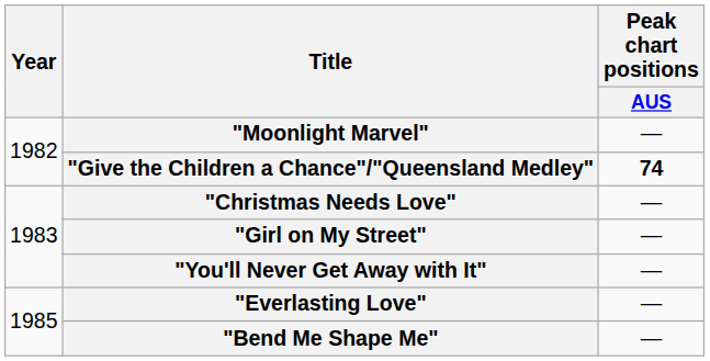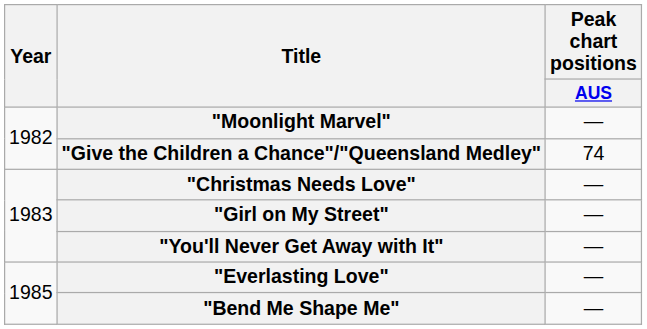 <table class="wikitable plainrowheaders" style="text-align:center;" border="1">
 <tr>
 <th scope="col" rowspan="2">Year</th>
 <th scope="col" rowspan="2">Title</th>
 <th scope="col" colspan="1">Peak chart positions</th>
 </tr>
 <tr>
 <th scope="col" style="width:3em; font-size:90%"><a href='#'>AUS</a><br></th>
 </tr>
 <tr>
 <td rowspan="2">1982</td>
 <th scope="row">"Moonlight Marvel"</th>
 <td>—</td>
 </tr>
 <tr>
 <th scope="row">"Give the Children a Chance"/"Queensland Medley"</th>
-<td><strong>74</strong></td>
+<td>74</td>
 </tr>
 <tr>
 <td rowspan="3">1983</td>
 <th scope="row">"Christmas Needs Love"</th>
 <td>—</td>
 </tr>
 <tr>
 <th scope="row">"Girl on My Street"</th>
 <td>—</td>
 </tr>
 <tr>
 <th scope="row">"You'll Never Get Away with It"</th>
 <td>—</td>
 </tr>
 <tr>
 <td rowspan="2">1985</td>
 <th scope="row">"Everlasting Love"</th>
 <td>—</td>
 </tr>
 <tr>
 <th scope="row">"Bend Me Shape Me"</th>
 <td>—</td>
 </tr>
 </table>
